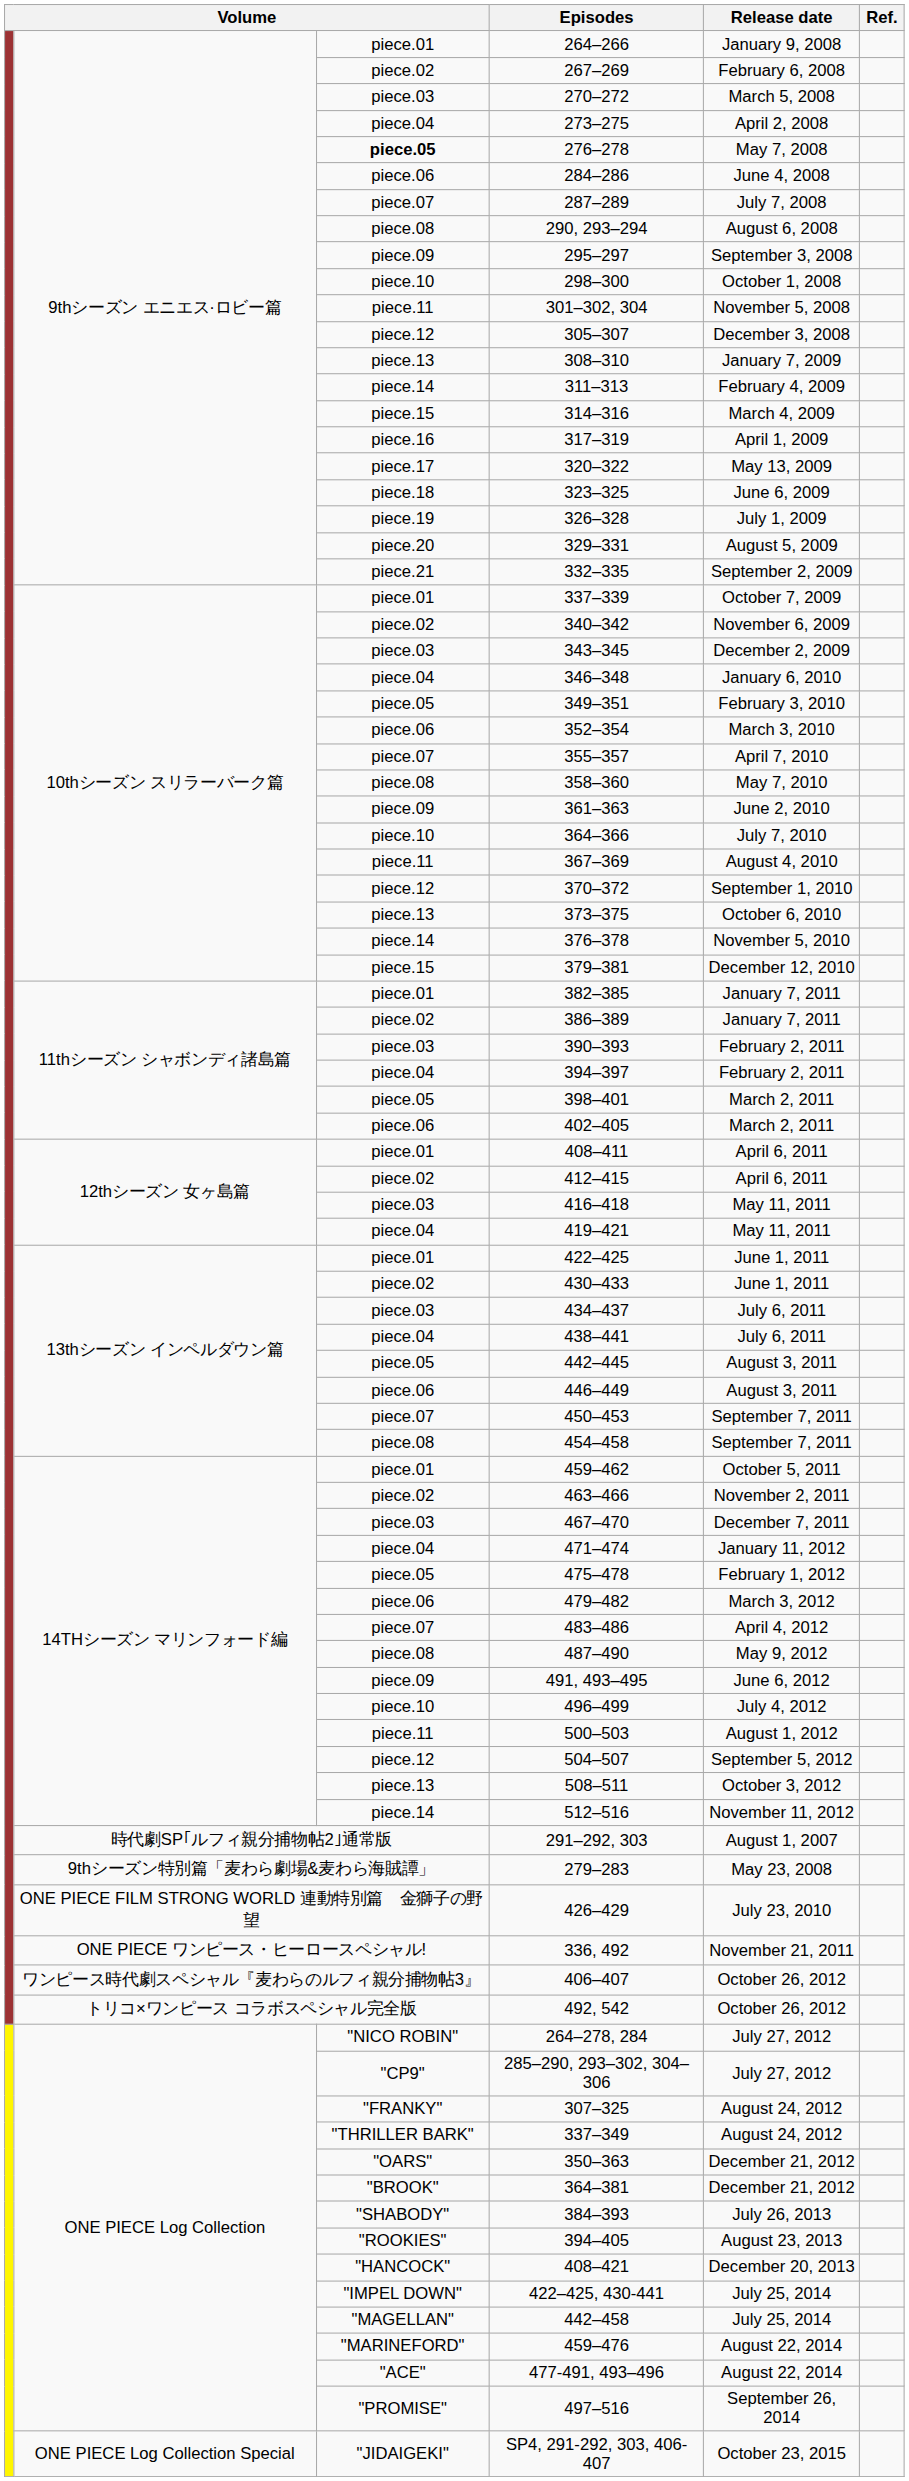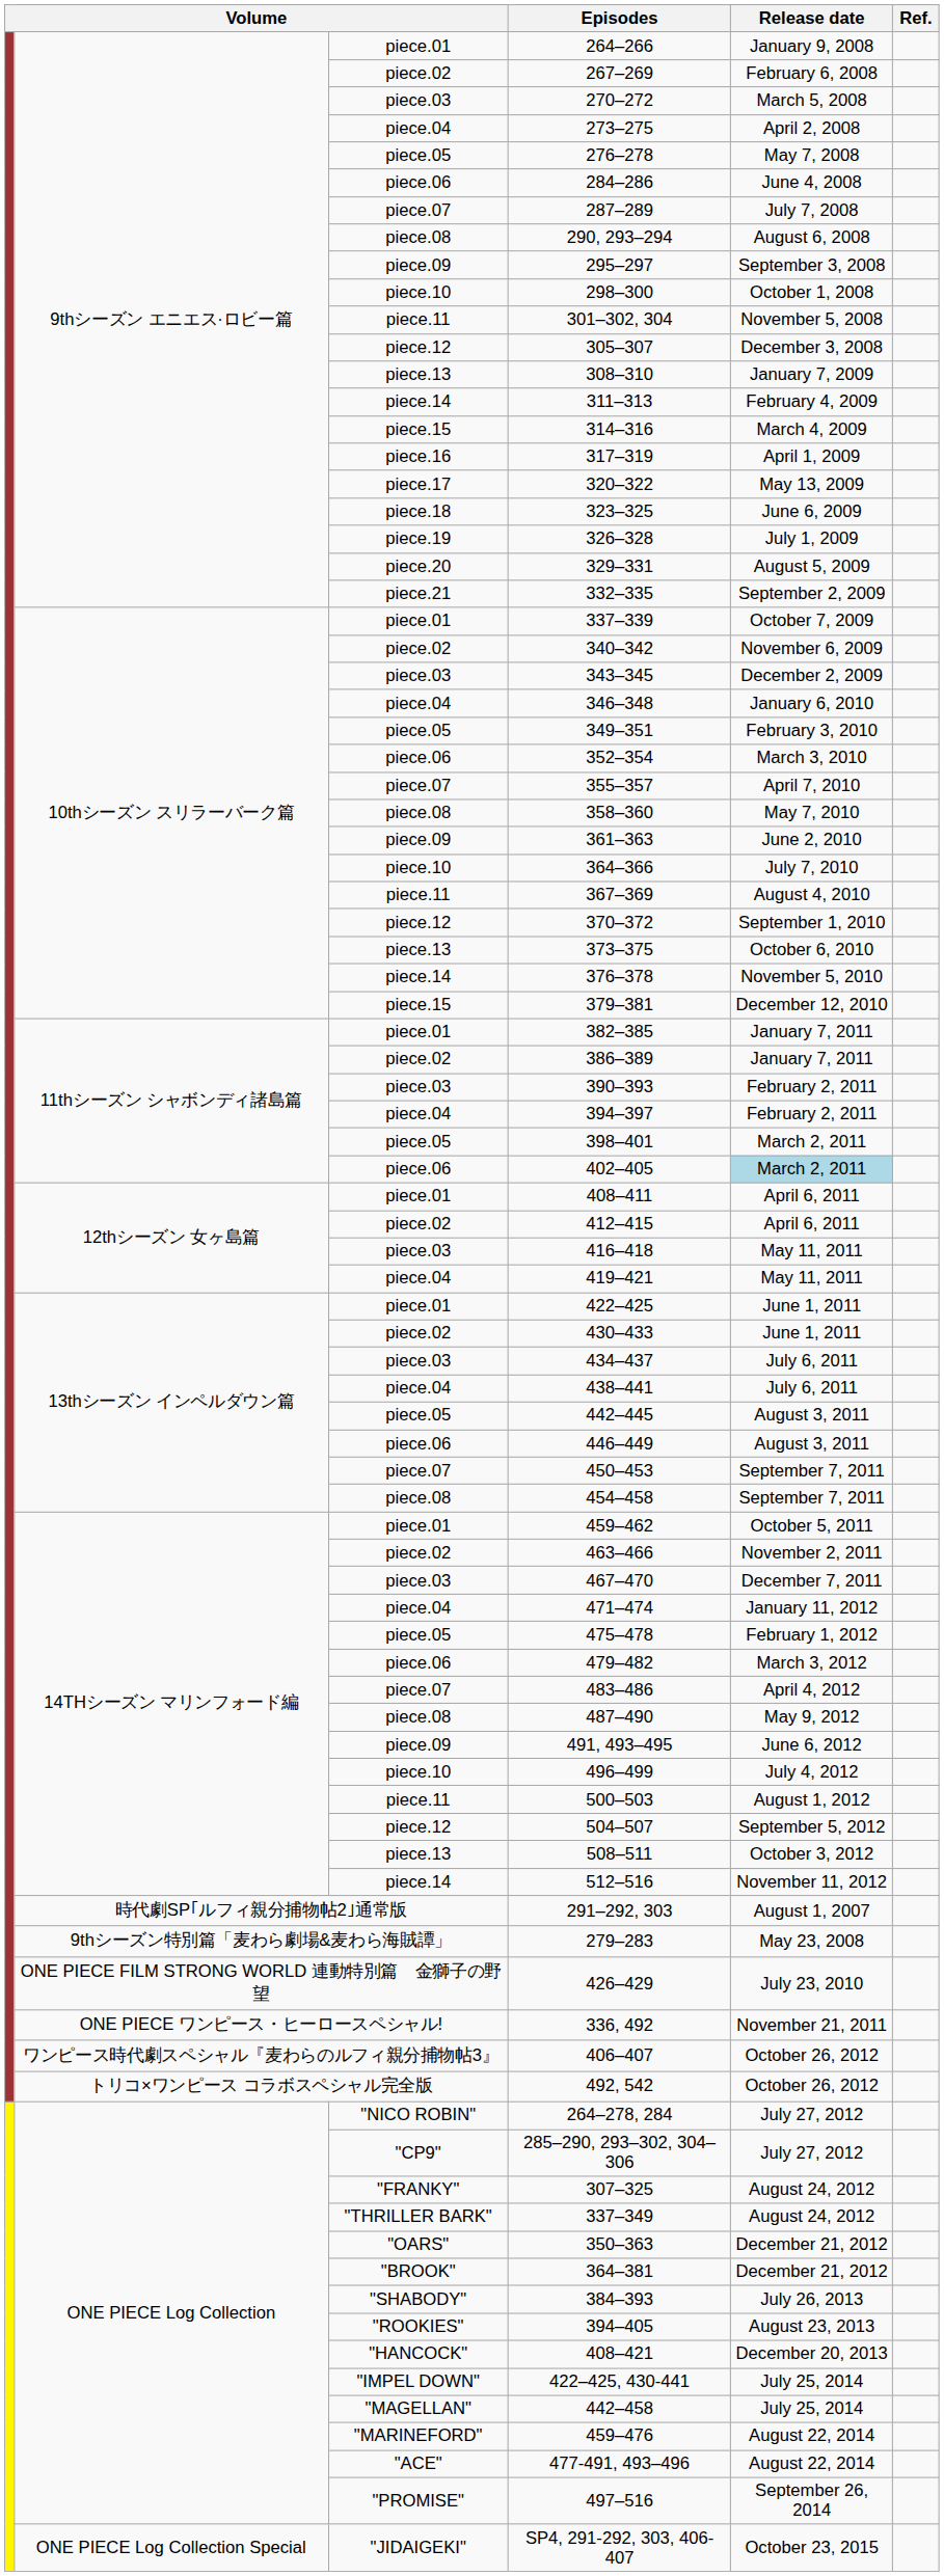 <table class="wikitable" style="text-align: center; width: 98%;">
 <tr>
 <th colspan="3">Volume</th>
 <th>Episodes</th>
 <th>Release date</th>
 <th style="width:5%;">Ref.</th>
 </tr>
 <tr>
 <td rowspan="74"  style="width:1%; background:#9C3234;"></td>
 <td rowspan="21">9thシーズン エニエス·ロビー篇</td>
 <td>piece.01</td>
 <td>264–266</td>
 <td>January 9, 2008</td>
 <td></td>
 </tr>
 <tr>
 <td>piece.02</td>
 <td>267–269</td>
 <td>February 6, 2008</td>
 <td></td>
 </tr>
 <tr>
 <td>piece.03</td>
 <td>270–272</td>
 <td>March 5, 2008</td>
 <td></td>
 </tr>
 <tr>
 <td>piece.04</td>
 <td>273–275</td>
 <td>April 2, 2008</td>
 <td></td>
 </tr>
 <tr>
-<td><strong>piece.05</strong></td>
+<td>piece.05</td>
 <td>276–278</td>
 <td>May 7, 2008</td>
 <td></td>
 </tr>
 <tr>
 <td>piece.06</td>
 <td>284–286</td>
 <td>June 4, 2008</td>
 <td></td>
 </tr>
 <tr>
 <td>piece.07</td>
 <td>287–289</td>
 <td>July 7, 2008</td>
 <td></td>
 </tr>
 <tr>
 <td>piece.08</td>
 <td>290, 293–294</td>
 <td>August 6, 2008</td>
 <td></td>
 </tr>
 <tr>
 <td>piece.09</td>
 <td>295–297</td>
 <td>September 3, 2008</td>
 <td></td>
 </tr>
 <tr>
 <td>piece.10</td>
 <td>298–300</td>
 <td>October 1, 2008</td>
 <td></td>
 </tr>
 <tr>
 <td>piece.11</td>
 <td>301–302, 304</td>
 <td>November 5, 2008</td>
 <td></td>
 </tr>
 <tr>
 <td>piece.12</td>
 <td>305–307</td>
 <td>December 3, 2008</td>
 <td></td>
 </tr>
 <tr>
 <td>piece.13</td>
 <td>308–310</td>
 <td>January 7, 2009</td>
 <td></td>
 </tr>
 <tr>
 <td>piece.14</td>
 <td>311–313</td>
 <td>February 4, 2009</td>
 <td></td>
 </tr>
 <tr>
 <td>piece.15</td>
 <td>314–316</td>
 <td>March 4, 2009</td>
 <td></td>
 </tr>
 <tr>
 <td>piece.16</td>
 <td>317–319</td>
 <td>April 1, 2009</td>
 <td></td>
 </tr>
 <tr>
 <td>piece.17</td>
 <td>320–322</td>
 <td>May 13, 2009</td>
 <td></td>
 </tr>
 <tr>
 <td>piece.18</td>
 <td>323–325</td>
 <td>June 6, 2009</td>
 <td></td>
 </tr>
 <tr>
 <td>piece.19</td>
 <td>326–328</td>
 <td>July 1, 2009</td>
 <td></td>
 </tr>
 <tr>
 <td>piece.20</td>
 <td>329–331</td>
 <td>August 5, 2009</td>
 <td></td>
 </tr>
 <tr>
 <td>piece.21</td>
 <td>332–335</td>
 <td>September 2, 2009</td>
 <td></td>
 </tr>
 <tr>
 <td rowspan="15">10thシーズン スリラーバーク篇</td>
 <td>piece.01</td>
 <td>337–339</td>
 <td>October 7, 2009</td>
 <td></td>
 </tr>
 <tr>
 <td>piece.02</td>
 <td>340–342</td>
 <td>November 6, 2009</td>
 <td></td>
 </tr>
 <tr>
 <td>piece.03</td>
 <td>343–345</td>
 <td>December 2, 2009</td>
 <td></td>
 </tr>
 <tr>
 <td>piece.04</td>
 <td>346–348</td>
 <td>January 6, 2010</td>
 <td></td>
 </tr>
 <tr>
 <td>piece.05</td>
 <td>349–351</td>
 <td>February 3, 2010</td>
 <td></td>
 </tr>
 <tr>
 <td>piece.06</td>
 <td>352–354</td>
 <td>March 3, 2010</td>
 <td></td>
 </tr>
 <tr>
 <td>piece.07</td>
 <td>355–357</td>
 <td>April 7, 2010</td>
 <td></td>
 </tr>
 <tr>
 <td>piece.08</td>
 <td>358–360</td>
 <td>May 7, 2010</td>
 <td></td>
 </tr>
 <tr>
 <td>piece.09</td>
 <td>361–363</td>
 <td>June 2, 2010</td>
 <td></td>
 </tr>
 <tr>
 <td>piece.10</td>
 <td>364–366</td>
 <td>July 7, 2010</td>
 <td></td>
 </tr>
 <tr>
 <td>piece.11</td>
 <td>367–369</td>
 <td>August 4, 2010</td>
 <td></td>
 </tr>
 <tr>
 <td>piece.12</td>
 <td>370–372</td>
 <td>September 1, 2010</td>
 <td></td>
 </tr>
 <tr>
 <td>piece.13</td>
 <td>373–375</td>
 <td>October 6, 2010</td>
 <td></td>
 </tr>
 <tr>
 <td>piece.14</td>
 <td>376–378</td>
 <td>November 5, 2010</td>
 <td></td>
 </tr>
 <tr>
 <td>piece.15</td>
 <td>379–381</td>
 <td>December 12, 2010</td>
 <td></td>
 </tr>
 <tr>
 <td rowspan="6">11thシーズン シャボンディ諸島篇</td>
 <td>piece.01</td>
 <td>382–385</td>
 <td>January 7, 2011</td>
 <td></td>
 </tr>
 <tr>
 <td>piece.02</td>
 <td>386–389</td>
 <td>January 7, 2011</td>
 <td></td>
 </tr>
 <tr>
 <td>piece.03</td>
 <td>390–393</td>
 <td>February 2, 2011</td>
 <td></td>
 </tr>
 <tr>
 <td>piece.04</td>
 <td>394–397</td>
 <td>February 2, 2011</td>
 <td></td>
 </tr>
 <tr>
 <td>piece.05</td>
 <td>398–401</td>
 <td>March 2, 2011</td>
 <td></td>
 </tr>
 <tr>
 <td>piece.06</td>
 <td>402–405</td>
-<td>March 2, 2011</td>
+<td style="background: lightblue;">March 2, 2011</td>
 <td></td>
 </tr>
 <tr>
 <td rowspan="4">12thシーズン 女ヶ島篇</td>
 <td>piece.01</td>
 <td>408–411</td>
 <td>April 6, 2011</td>
 <td></td>
 </tr>
 <tr>
 <td>piece.02</td>
 <td>412–415</td>
 <td>April 6, 2011</td>
 <td></td>
 </tr>
 <tr>
 <td>piece.03</td>
 <td>416–418</td>
 <td>May 11, 2011</td>
 <td></td>
 </tr>
 <tr>
 <td>piece.04</td>
 <td>419–421</td>
 <td>May 11, 2011</td>
 <td></td>
 </tr>
 <tr>
 <td rowspan="8">13thシーズン インペルダウン篇</td>
 <td>piece.01</td>
 <td>422–425</td>
 <td>June 1, 2011</td>
 <td></td>
 </tr>
 <tr>
 <td>piece.02</td>
 <td>430–433</td>
 <td>June 1, 2011</td>
 <td></td>
 </tr>
 <tr>
 <td>piece.03</td>
 <td>434–437</td>
 <td>July 6, 2011</td>
 <td></td>
 </tr>
 <tr>
 <td>piece.04</td>
 <td>438–441</td>
 <td>July 6, 2011</td>
 <td></td>
 </tr>
 <tr>
 <td>piece.05</td>
 <td>442–445</td>
 <td>August 3, 2011</td>
 <td></td>
 </tr>
 <tr>
 <td>piece.06</td>
 <td>446–449</td>
 <td>August 3, 2011</td>
 <td></td>
 </tr>
 <tr>
 <td>piece.07</td>
 <td>450–453</td>
 <td>September 7, 2011</td>
 <td></td>
 </tr>
 <tr>
 <td>piece.08</td>
 <td>454–458</td>
 <td>September 7, 2011</td>
 <td></td>
 </tr>
 <tr>
 <td rowspan="14">14THシーズン マリンフォード編</td>
 <td>piece.01</td>
 <td>459–462</td>
 <td>October 5, 2011</td>
 <td></td>
 </tr>
 <tr>
 <td>piece.02</td>
 <td>463–466</td>
 <td>November 2, 2011</td>
 <td></td>
 </tr>
 <tr>
 <td>piece.03</td>
 <td>467–470</td>
 <td>December 7, 2011</td>
 <td></td>
 </tr>
 <tr>
 <td>piece.04</td>
 <td>471–474</td>
 <td>January 11, 2012</td>
 <td></td>
 </tr>
 <tr>
 <td>piece.05</td>
 <td>475–478</td>
 <td>February 1, 2012</td>
 <td></td>
 </tr>
 <tr>
 <td>piece.06</td>
 <td>479–482</td>
 <td>March 3, 2012</td>
 <td></td>
 </tr>
 <tr>
 <td>piece.07</td>
 <td>483–486</td>
 <td>April 4, 2012</td>
 <td></td>
 </tr>
 <tr>
 <td>piece.08</td>
 <td>487–490</td>
 <td>May 9, 2012</td>
 <td></td>
 </tr>
 <tr>
 <td>piece.09</td>
 <td>491, 493–495</td>
 <td>June 6, 2012</td>
 <td></td>
 </tr>
 <tr>
 <td>piece.10</td>
 <td>496–499</td>
 <td>July 4, 2012</td>
 <td></td>
 </tr>
 <tr>
 <td>piece.11</td>
 <td>500–503</td>
 <td>August 1, 2012</td>
 <td></td>
 </tr>
 <tr>
 <td>piece.12</td>
 <td>504–507</td>
 <td>September 5, 2012</td>
 <td></td>
 </tr>
 <tr>
 <td>piece.13</td>
 <td>508–511</td>
 <td>October 3, 2012</td>
 <td></td>
 </tr>
 <tr>
 <td>piece.14</td>
 <td>512–516</td>
 <td>November 11, 2012</td>
 <td></td>
 </tr>
 <tr>
 <td colspan="2">時代劇SP｢ルフィ親分捕物帖2｣通常版</td>
 <td>291–292, 303</td>
 <td>August 1, 2007</td>
 <td></td>
 </tr>
 <tr>
 <td colspan="2">9thシーズン特別篇「麦わら劇場&麦わら海賊譚」</td>
 <td>279–283</td>
 <td>May 23, 2008</td>
 <td></td>
 </tr>
 <tr>
 <td colspan="2">ONE PIECE FILM STRONG WORLD 連動特別篇　金獅子の野望</td>
 <td>426–429</td>
 <td>July 23, 2010</td>
 <td></td>
 </tr>
 <tr>
 <td colspan="2">ONE PIECE ワンピース・ヒーロースペシャル!</td>
 <td>336, 492</td>
 <td>November 21, 2011</td>
 <td></td>
 </tr>
 <tr>
 <td colspan="2">ワンピース時代劇スペシャル『麦わらのルフィ親分捕物帖3』</td>
 <td>406–407</td>
 <td>October 26, 2012</td>
 <td></td>
 </tr>
 <tr>
 <td colspan="2">トリコ×ワンピース コラボスペシャル完全版</td>
 <td>492, 542</td>
 <td>October 26, 2012</td>
 <td></td>
 </tr>
 <tr>
 <td rowspan="15"  style="width:1%; background:#fff600;"></td>
 <td rowspan="14">ONE PIECE Log Collection</td>
 <td>"NICO ROBIN"</td>
 <td>264–278, 284</td>
 <td>July 27, 2012</td>
 <td></td>
 </tr>
 <tr>
 <td>"CP9"</td>
 <td>285–290, 293–302, 304–306</td>
 <td>July 27, 2012</td>
 <td></td>
 </tr>
 <tr>
 <td>"FRANKY"</td>
 <td>307–325</td>
 <td>August 24, 2012</td>
 <td></td>
 </tr>
 <tr>
 <td>"THRILLER BARK"</td>
 <td>337–349</td>
 <td>August 24, 2012</td>
 <td></td>
 </tr>
 <tr>
 <td>"OARS"</td>
 <td>350–363</td>
 <td>December 21, 2012</td>
 <td></td>
 </tr>
 <tr>
 <td>"BROOK"</td>
 <td>364–381</td>
 <td>December 21, 2012</td>
 <td></td>
 </tr>
 <tr>
 <td>"SHABODY"</td>
 <td>384–393</td>
 <td>July 26, 2013</td>
 <td></td>
 </tr>
 <tr>
 <td>"ROOKIES"</td>
 <td>394–405</td>
 <td>August 23, 2013</td>
 <td></td>
 </tr>
 <tr>
 <td>"HANCOCK"</td>
 <td>408–421</td>
 <td>December 20, 2013</td>
 <td></td>
 </tr>
 <tr>
 <td>"IMPEL DOWN"</td>
 <td>422–425, 430-441</td>
 <td>July 25, 2014</td>
 <td></td>
 </tr>
 <tr>
 <td>"MAGELLAN"</td>
 <td>442–458</td>
 <td>July 25, 2014</td>
 <td></td>
 </tr>
 <tr>
 <td>"MARINEFORD"</td>
 <td>459–476</td>
 <td>August 22, 2014</td>
 <td></td>
 </tr>
 <tr>
 <td>"ACE"</td>
 <td>477-491, 493–496</td>
 <td>August 22, 2014</td>
 <td></td>
 </tr>
 <tr>
 <td>"PROMISE"</td>
 <td>497–516</td>
 <td>September 26, 2014</td>
 <td></td>
 </tr>
 <tr>
 <td>ONE PIECE Log Collection Special</td>
 <td>"JIDAIGEKI"</td>
 <td>SP4, 291-292, 303, 406-407</td>
 <td>October 23, 2015</td>
 <td></td>
 </tr>
 </table>
